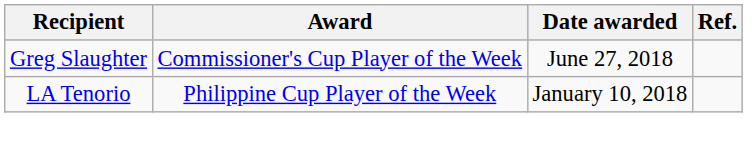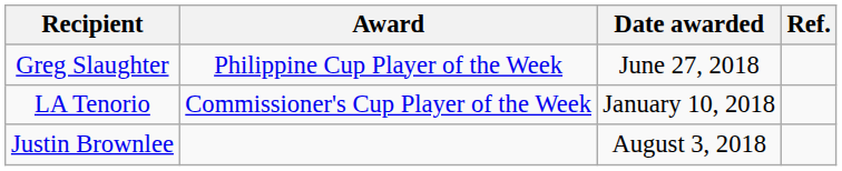 <table class="wikitable sortable sortable" style="text-align: center">
 <tr>
 <th>Recipient</th>
 <th>Award</th>
 <th>Date awarded</th>
 <th>Ref.</th>
 </tr>
 <tr>
 <td><a href='#'>Greg Slaughter</a></td>
-<td><a href='#'>Commissioner's Cup Player of the Week</a></td>
+<td><a href='#'>Philippine Cup Player of the Week</a></td>
 <td>June 27, 2018</td>
 <td align=center></td>
 </tr>
 <tr>
 <td><a href='#'>LA Tenorio</a></td>
-<td><a href='#'>Philippine Cup Player of the Week</a></td>
+<td><a href='#'>Commissioner's Cup Player of the Week</a></td>
 <td>January 10, 2018</td>
 <td align=center></td>
 </tr>
+<tr>
+<td><a href='#'>Justin Brownlee</a></td>
+<td></td>
+<td>August 3, 2018</td>
+<td></td>
+</tr>
 </table>
